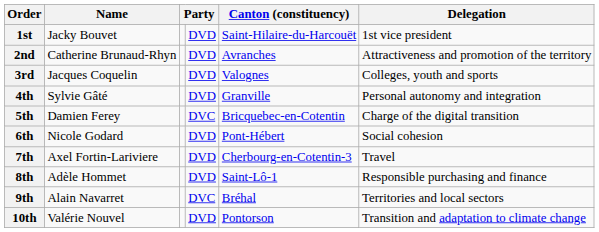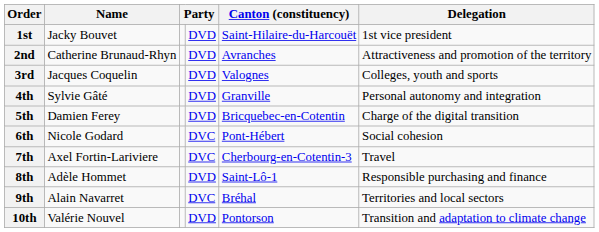 <table class="wikitable sortable">
 <tr>
 <th>Order</th>
 <th>Name</th>
 <th colspan="2">Party</th>
 <th><a href='#'>Canton</a> (constituency)</th>
 <th>Delegation</th>
 </tr>
 <tr>
 <th>1st</th>
 <td>Jacky Bouvet</td>
 <td style="color:inherit;background:"></td>
 <td><a href='#'>DVD</a></td>
 <td><a href='#'>Saint-Hilaire-du-Harcouët</a></td>
 <td>1st vice president</td>
 </tr>
 <tr>
 <th>2nd</th>
 <td>Catherine Brunaud-Rhyn</td>
 <td style="color:inherit;background:"></td>
 <td><a href='#'>DVD</a></td>
 <td><a href='#'>Avranches</a></td>
 <td>Attractiveness and promotion of the territory</td>
 </tr>
 <tr>
 <th>3rd</th>
 <td>Jacques Coquelin</td>
 <td style="color:inherit;background:"></td>
 <td><a href='#'>DVD</a></td>
 <td><a href='#'>Valognes</a></td>
 <td>Colleges, youth and sports</td>
 </tr>
 <tr>
 <th>4th</th>
 <td>Sylvie Gâté</td>
 <td style="color:inherit;background:"></td>
 <td><a href='#'>DVD</a></td>
 <td><a href='#'>Granville</a></td>
 <td>Personal autonomy and integration</td>
 </tr>
 <tr>
 <th>5th</th>
 <td>Damien Ferey</td>
 <td style="color:inherit;background:"></td>
-<td><a href='#'>DVC</a></td>
+<td><a href='#'>DVD</a></td>
 <td><a href='#'>Bricquebec-en-Cotentin</a></td>
 <td>Charge of the digital transition</td>
 </tr>
 <tr>
 <th>6th</th>
 <td>Nicole Godard</td>
 <td style="color:inherit;background:"></td>
-<td><a href='#'>DVD</a></td>
+<td><a href='#'>DVC</a></td>
 <td><a href='#'>Pont-Hébert</a></td>
 <td>Social cohesion</td>
 </tr>
 <tr>
 <th>7th</th>
 <td>Axel Fortin-Lariviere</td>
 <td style="color:inherit;background:"></td>
-<td><a href='#'>DVD</a></td>
+<td><a href='#'>DVC</a></td>
 <td><a href='#'>Cherbourg-en-Cotentin-3</a></td>
 <td>Travel</td>
 </tr>
 <tr>
 <th>8th</th>
 <td>Adèle Hommet</td>
 <td style="color:inherit;background:"></td>
 <td><a href='#'>DVD</a></td>
 <td><a href='#'>Saint-Lô-1</a></td>
 <td>Responsible purchasing and finance</td>
 </tr>
 <tr>
 <th>9th</th>
 <td>Alain Navarret</td>
 <td style="color:inherit;background:"></td>
 <td><a href='#'>DVC</a></td>
 <td><a href='#'>Bréhal</a></td>
 <td>Territories and local sectors</td>
 </tr>
 <tr>
 <th>10th</th>
 <td>Valérie Nouvel</td>
 <td style="color:inherit;background:"></td>
 <td><a href='#'>DVD</a></td>
 <td><a href='#'>Pontorson</a></td>
 <td>Transition and <a href='#'>adaptation to climate change</a></td>
 </tr>
 </table>
